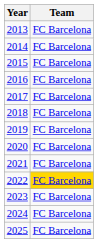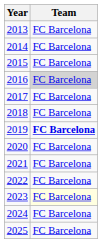 <table class="wikitable">
 <tr>
 <th scope="col">Year</th>
 <th scope="col">Team</th>
 </tr>
 <tr>
 <td><a href='#'>2013</a></td>
 <td><a href='#'>FC Barcelona</a></td>
 </tr>
 <tr>
 <td><a href='#'>2014</a></td>
 <td><a href='#'>FC Barcelona</a></td>
 </tr>
 <tr>
 <td><a href='#'>2015</a></td>
 <td><a href='#'>FC Barcelona</a></td>
 </tr>
 <tr>
 <td><a href='#'>2016</a></td>
-<td><a href='#'>FC Barcelona</a></td>
+<td style="background: lightgrey;"><a href='#'>FC Barcelona</a></td>
 </tr>
 <tr>
 <td><a href='#'>2017</a></td>
 <td><a href='#'>FC Barcelona</a></td>
 </tr>
 <tr>
 <td><a href='#'>2018</a></td>
 <td><a href='#'>FC Barcelona</a></td>
 </tr>
 <tr>
 <td><a href='#'>2019</a></td>
-<td><a href='#'>FC Barcelona</a></td>
+<td><strong><a href='#'>FC Barcelona</a></strong></td>
 </tr>
 <tr>
 <td><a href='#'>2020</a></td>
 <td><a href='#'>FC Barcelona</a></td>
 </tr>
 <tr>
 <td><a href='#'>2021</a></td>
 <td><a href='#'>FC Barcelona</a></td>
 </tr>
 <tr>
 <td><a href='#'>2022</a></td>
-<td style="background: gold;"><a href='#'>FC Barcelona</a></td>
+<td><a href='#'>FC Barcelona</a></td>
 </tr>
 <tr>
 <td><a href='#'>2023</a></td>
-<td><a href='#'>FC Barcelona</a></td>
+<td style="background: lightyellow;"><a href='#'>FC Barcelona</a></td>
 </tr>
 <tr>
 <td><a href='#'>2024</a></td>
 <td><a href='#'>FC Barcelona</a></td>
 </tr>
 <tr>
 <td><a href='#'>2025</a></td>
 <td><a href='#'>FC Barcelona</a></td>
 </tr>
 </table>
